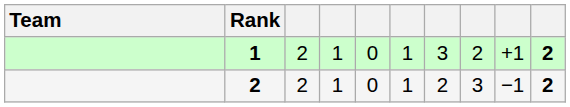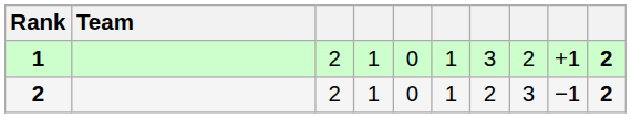 <table class="wikitable" style="text-align:center">
 <tr>
+<th width=30>Rank</th>
 <th style="width:165px; text-align:left;">Team</th>
-<th width=30>Rank</th>
 <th width=20></th>
 <th width=20></th>
 <th width=20></th>
 <th width=20></th>
 <th width=20></th>
 <th width=20></th>
 <th width=20></th>
 <th width=20></th>
 </tr>
 <tr style="text-align:center; background:#cfc;">
+<td><strong>1</strong></td>
 <td style="text-align:left;"></td>
-<td><strong>1</strong></td>
 <td>2</td>
 <td>1</td>
 <td>0</td>
 <td>1</td>
 <td>3</td>
 <td>2</td>
 <td>+1</td>
 <td><strong>2</strong></td>
 </tr>
 <tr style="text-align:center; background:#f5f5f5;">
+<td><strong>2</strong></td>
 <td style="text-align:left;"></td>
-<td><strong>2</strong></td>
 <td>2</td>
 <td>1</td>
 <td>0</td>
 <td>1</td>
 <td>2</td>
 <td>3</td>
 <td>−1</td>
 <td><strong>2</strong></td>
 </tr>
 </table>
